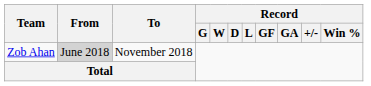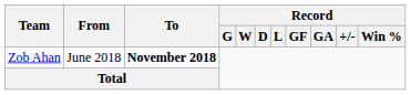 <table class="wikitable" style="text-align: center">
 <tr>
 <th rowspan="2">Team</th>
 <th rowspan="2">From</th>
 <th rowspan="2">To</th>
 <th colspan="8">Record</th>
 </tr>
 <tr>
 <th>G</th>
 <th>W</th>
 <th>D</th>
 <th>L</th>
 <th>GF</th>
 <th>GA</th>
 <th>+/-</th>
 <th>Win %</th>
 </tr>
 <tr>
 <td><a href='#'>Zob Ahan</a></td>
-<td align="left" style="background: lightgrey;">June 2018</td>
-<td align="left">November 2018<br></td>
+<td align="left">June 2018</td>
+<td align="left"><strong>November 2018<br></strong></td>
 </tr>
 <tr>
 <th colspan="3">Total<br></th>
 </tr>
 </table>
